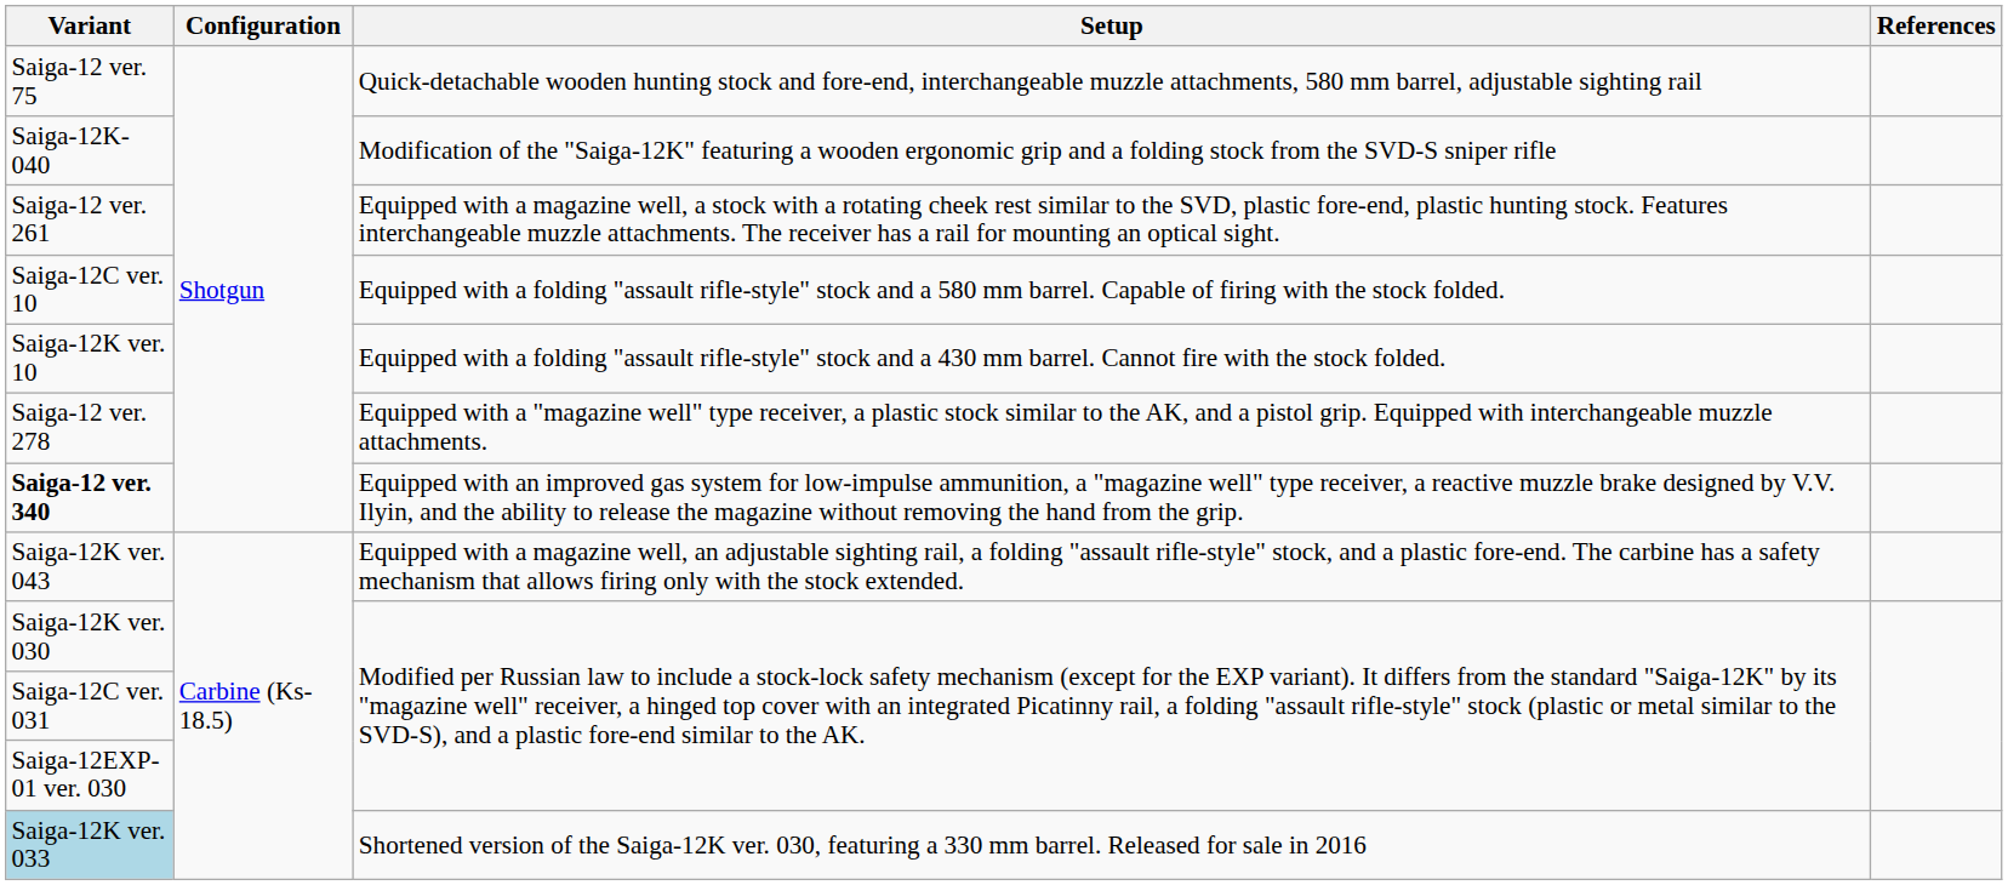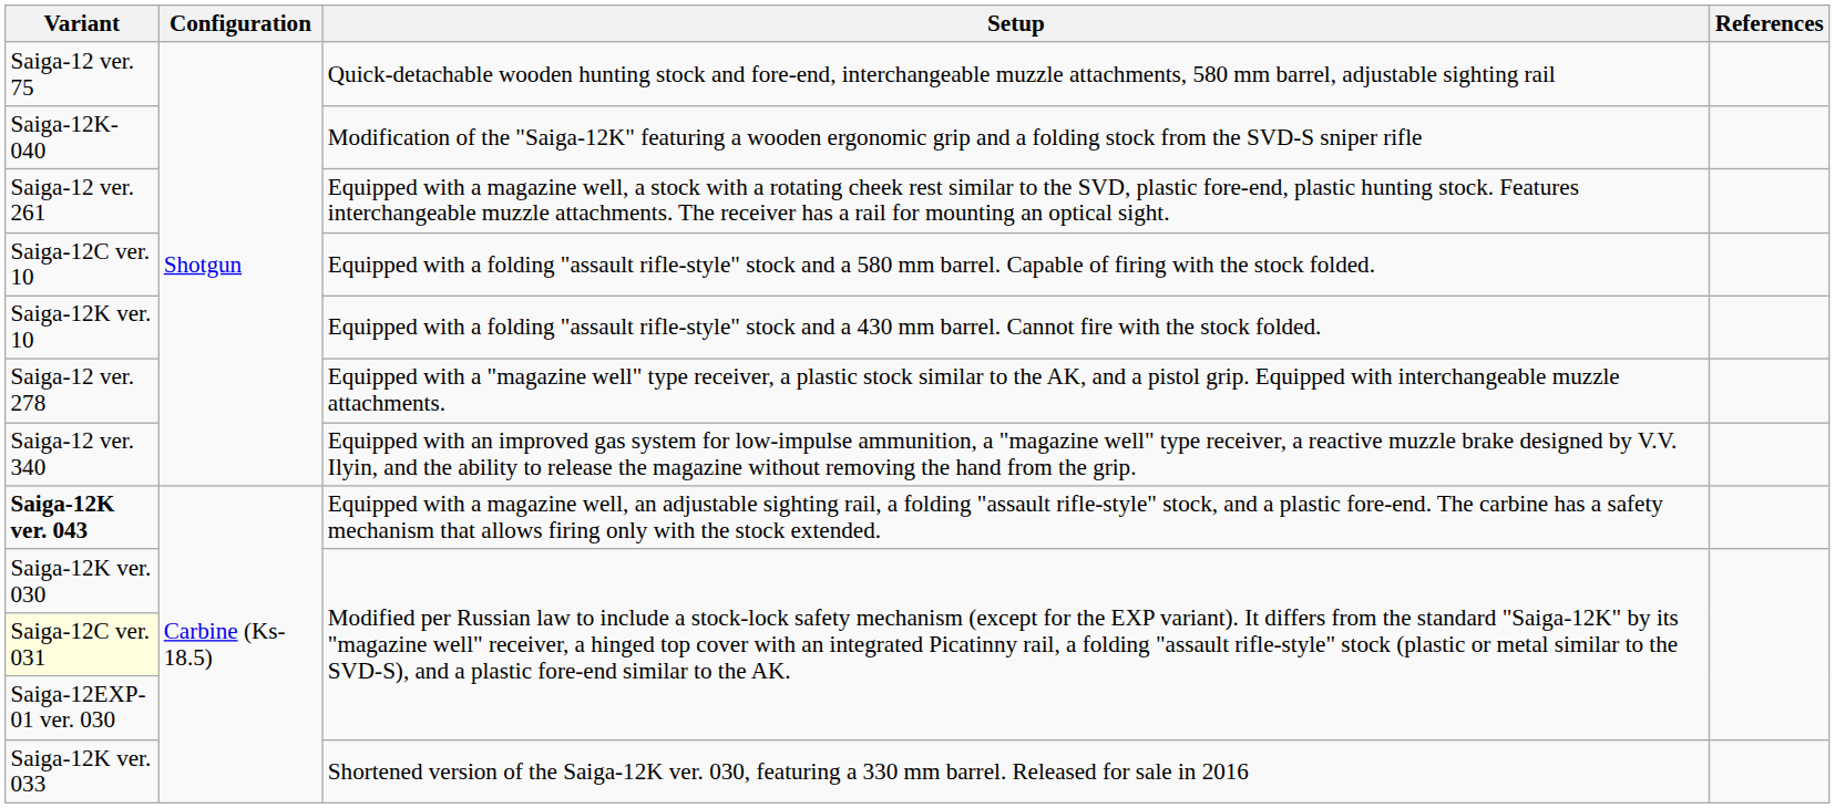 <table class="wikitable">
 <tr>
 <th>Variant</th>
 <th>Configuration</th>
 <th>Setup</th>
 <th>References</th>
 </tr>
 <tr>
 <td>Saiga-12 ver. 75</td>
 <td rowspan="7"><a href='#'>Shotgun</a></td>
 <td>Quick-detachable wooden hunting stock and fore-end, interchangeable muzzle attachments, 580 mm barrel, adjustable sighting rail</td>
 <td></td>
 </tr>
 <tr>
 <td>Saiga-12K-040</td>
 <td>Modification of the "Saiga-12K" featuring a wooden ergonomic grip and a folding stock from the SVD-S sniper rifle</td>
 <td></td>
 </tr>
 <tr>
 <td>Saiga-12 ver. 261</td>
 <td>Equipped with a magazine well, a stock with a rotating cheek rest similar to the SVD, plastic fore-end, plastic hunting stock. Features interchangeable muzzle attachments. The receiver has a rail for mounting an optical sight.</td>
 <td></td>
 </tr>
 <tr>
 <td>Saiga-12C ver. 10</td>
 <td>Equipped with a folding "assault rifle-style" stock and a 580 mm barrel. Capable of firing with the stock folded.</td>
 <td></td>
 </tr>
 <tr>
 <td>Saiga-12K ver. 10</td>
 <td>Equipped with a folding "assault rifle-style" stock and a 430 mm barrel. Cannot fire with the stock folded.</td>
 <td></td>
 </tr>
 <tr>
 <td>Saiga-12 ver. 278</td>
 <td>Equipped with a "magazine well" type receiver, a plastic stock similar to the AK, and a pistol grip. Equipped with interchangeable muzzle attachments.</td>
 <td></td>
 </tr>
 <tr>
-<td><strong>Saiga-12 ver. 340</strong></td>
+<td>Saiga-12 ver. 340</td>
 <td>Equipped with an improved gas system for low-impulse ammunition, a "magazine well" type receiver, a reactive muzzle brake designed by V.V. Ilyin, and the ability to release the magazine without removing the hand from the grip.</td>
 <td></td>
 </tr>
 <tr>
-<td>Saiga-12K ver. 043</td>
+<td><strong>Saiga-12K ver. 043</strong></td>
 <td rowspan="5"><a href='#'>Carbine</a> (Ks-18.5)</td>
 <td>Equipped with  a magazine well, an adjustable sighting rail, a folding "assault rifle-style" stock, and a plastic fore-end. The carbine has a safety mechanism that allows firing only with the stock extended.</td>
 <td></td>
 </tr>
 <tr>
 <td>Saiga-12K ver. 030</td>
 <td rowspan="3">Modified per Russian law to include a stock-lock safety mechanism (except for the EXP variant). It differs from the standard "Saiga-12K" by its "magazine well" receiver, a hinged top cover with an integrated Picatinny rail, a folding "assault rifle-style" stock (plastic or metal similar to the SVD-S), and a plastic fore-end similar to the AK.</td>
 <td rowspan="3"></td>
 </tr>
 <tr>
-<td>Saiga-12C ver. 031</td>
+<td style="background: lightyellow;">Saiga-12C ver. 031</td>
 </tr>
 <tr>
 <td>Saiga-12EXP-01 ver. 030</td>
 </tr>
 <tr>
-<td style="background: lightblue;">Saiga-12K ver. 033</td>
+<td>Saiga-12K ver. 033</td>
 <td>Shortened version of the Saiga-12K ver. 030, featuring a 330 mm barrel. Released for sale in 2016</td>
 <td></td>
 </tr>
 </table>
